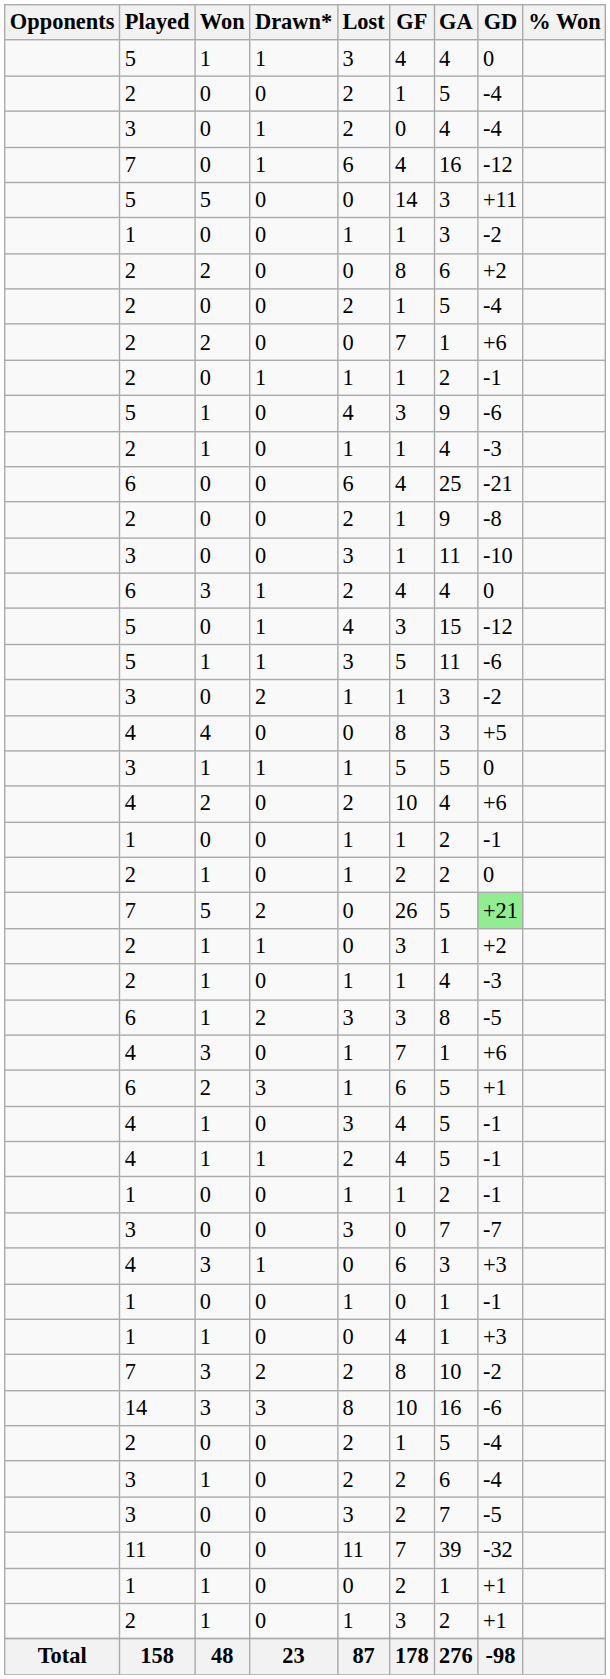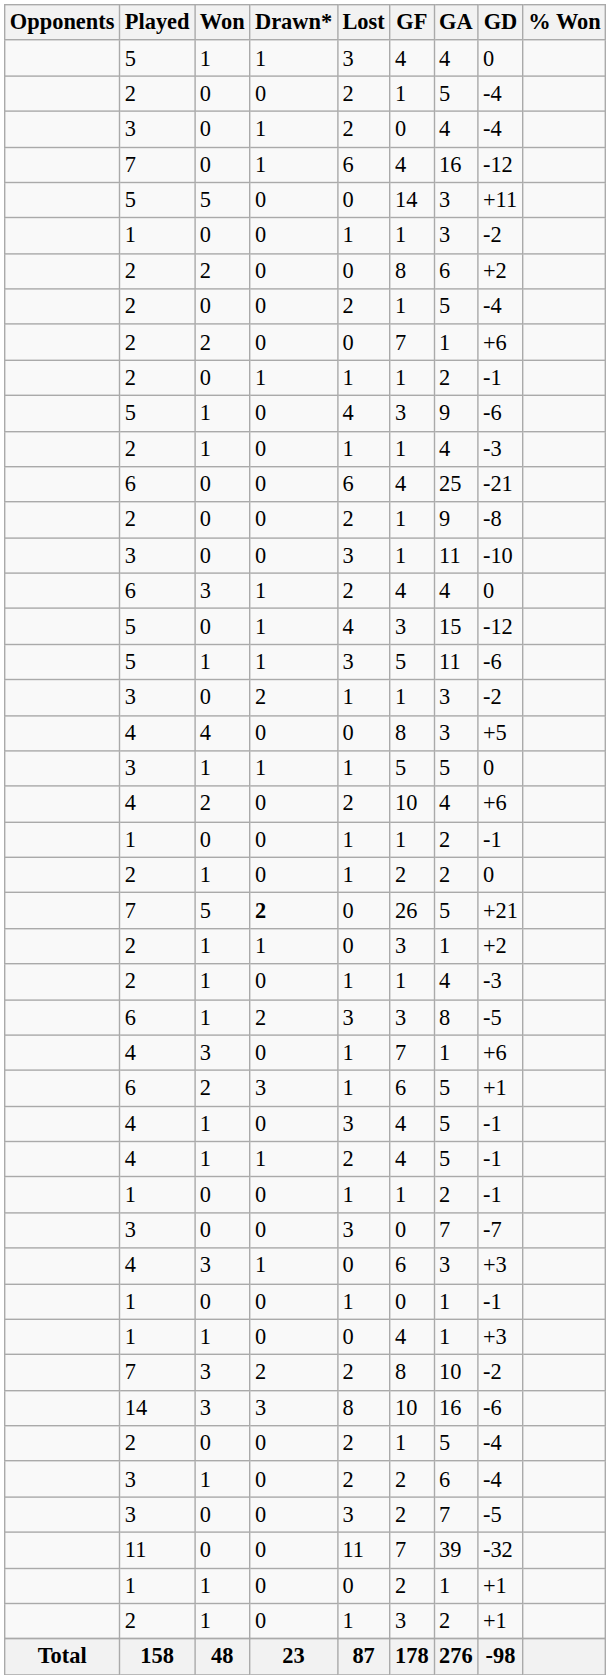 <table class="sortable wikitable">
 <tr>
 <th>Opponents</th>
 <th>Played</th>
 <th>Won</th>
 <th>Drawn*</th>
 <th>Lost</th>
 <th>GF</th>
 <th>GA</th>
 <th>GD</th>
 <th>% Won</th>
 </tr>
 <tr>
 <td style="text-align:left;"></td>
 <td>5</td>
 <td>1</td>
 <td>1</td>
 <td>3</td>
 <td>4</td>
 <td>4</td>
 <td>0</td>
 <td></td>
 </tr>
 <tr>
 <td style="text-align:left;"></td>
 <td>2</td>
 <td>0</td>
 <td>0</td>
 <td>2</td>
 <td>1</td>
 <td>5</td>
 <td>-4</td>
 <td></td>
 </tr>
 <tr>
 <td style="text-align:left;"></td>
 <td>3</td>
 <td>0</td>
 <td>1</td>
 <td>2</td>
 <td>0</td>
 <td>4</td>
 <td>-4</td>
 <td></td>
 </tr>
 <tr>
 <td style="text-align:left;"></td>
 <td>7</td>
 <td>0</td>
 <td>1</td>
 <td>6</td>
 <td>4</td>
 <td>16</td>
 <td>-12</td>
 <td></td>
 </tr>
 <tr>
 <td style="text-align:left;"></td>
 <td>5</td>
 <td>5</td>
 <td>0</td>
 <td>0</td>
 <td>14</td>
 <td>3</td>
 <td>+11</td>
 <td></td>
 </tr>
 <tr>
 <td style="text-align:left;"></td>
 <td>1</td>
 <td>0</td>
 <td>0</td>
 <td>1</td>
 <td>1</td>
 <td>3</td>
 <td>-2</td>
 <td></td>
 </tr>
 <tr>
 <td style="text-align:left;"></td>
 <td>2</td>
 <td>2</td>
 <td>0</td>
 <td>0</td>
 <td>8</td>
 <td>6</td>
 <td>+2</td>
 <td></td>
 </tr>
 <tr>
 <td style="text-align:left;"></td>
 <td>2</td>
 <td>0</td>
 <td>0</td>
 <td>2</td>
 <td>1</td>
 <td>5</td>
 <td>-4</td>
 <td></td>
 </tr>
 <tr>
 <td style="text-align:left;"></td>
 <td>2</td>
 <td>2</td>
 <td>0</td>
 <td>0</td>
 <td>7</td>
 <td>1</td>
 <td>+6</td>
 <td></td>
 </tr>
 <tr>
 <td style="text-align:left;"></td>
 <td>2</td>
 <td>0</td>
 <td>1</td>
 <td>1</td>
 <td>1</td>
 <td>2</td>
 <td>-1</td>
 <td></td>
 </tr>
 <tr>
 <td style="text-align:left;"></td>
 <td>5</td>
 <td>1</td>
 <td>0</td>
 <td>4</td>
 <td>3</td>
 <td>9</td>
 <td>-6</td>
 <td></td>
 </tr>
 <tr>
 <td style="text-align:left;"></td>
 <td>2</td>
 <td>1</td>
 <td>0</td>
 <td>1</td>
 <td>1</td>
 <td>4</td>
 <td>-3</td>
 <td></td>
 </tr>
 <tr>
 <td style="text-align:left;"></td>
 <td>6</td>
 <td>0</td>
 <td>0</td>
 <td>6</td>
 <td>4</td>
 <td>25</td>
 <td>-21</td>
 <td></td>
 </tr>
 <tr>
 <td style="text-align:left;"></td>
 <td>2</td>
 <td>0</td>
 <td>0</td>
 <td>2</td>
 <td>1</td>
 <td>9</td>
 <td>-8</td>
 <td></td>
 </tr>
 <tr>
 <td style="text-align:left;"></td>
 <td>3</td>
 <td>0</td>
 <td>0</td>
 <td>3</td>
 <td>1</td>
 <td>11</td>
 <td>-10</td>
 <td></td>
 </tr>
 <tr>
 <td style="text-align:left;"></td>
 <td>6</td>
 <td>3</td>
 <td>1</td>
 <td>2</td>
 <td>4</td>
 <td>4</td>
 <td>0</td>
 <td></td>
 </tr>
 <tr>
 <td style="text-align:left;"></td>
 <td>5</td>
 <td>0</td>
 <td>1</td>
 <td>4</td>
 <td>3</td>
 <td>15</td>
 <td>-12</td>
 <td></td>
 </tr>
 <tr>
 <td style="text-align:left;"></td>
 <td>5</td>
 <td>1</td>
 <td>1</td>
 <td>3</td>
 <td>5</td>
 <td>11</td>
 <td>-6</td>
 <td></td>
 </tr>
 <tr>
 <td style="text-align:left;"></td>
 <td>3</td>
 <td>0</td>
 <td>2</td>
 <td>1</td>
 <td>1</td>
 <td>3</td>
 <td>-2</td>
 <td></td>
 </tr>
 <tr>
 <td style="text-align:left;"></td>
 <td>4</td>
 <td>4</td>
 <td>0</td>
 <td>0</td>
 <td>8</td>
 <td>3</td>
 <td>+5</td>
 <td></td>
 </tr>
 <tr>
 <td style="text-align:left;"></td>
 <td>3</td>
 <td>1</td>
 <td>1</td>
 <td>1</td>
 <td>5</td>
 <td>5</td>
 <td>0</td>
 <td></td>
 </tr>
 <tr>
 <td style="text-align:left;"></td>
 <td>4</td>
 <td>2</td>
 <td>0</td>
 <td>2</td>
 <td>10</td>
 <td>4</td>
 <td>+6</td>
 <td></td>
 </tr>
 <tr>
 <td style="text-align:left;"></td>
 <td>1</td>
 <td>0</td>
 <td>0</td>
 <td>1</td>
 <td>1</td>
 <td>2</td>
 <td>-1</td>
 <td></td>
 </tr>
 <tr>
 <td style="text-align:left;"></td>
 <td>2</td>
 <td>1</td>
 <td>0</td>
 <td>1</td>
 <td>2</td>
 <td>2</td>
 <td>0</td>
 <td></td>
 </tr>
 <tr>
 <td style="text-align:left;"></td>
 <td>7</td>
 <td>5</td>
-<td>2</td>
+<td><strong>2</strong></td>
 <td>0</td>
 <td>26</td>
 <td>5</td>
-<td style="background: lightgreen;">+21</td>
+<td>+21</td>
 <td></td>
 </tr>
 <tr>
 <td style="text-align:left;"></td>
 <td>2</td>
 <td>1</td>
 <td>1</td>
 <td>0</td>
 <td>3</td>
 <td>1</td>
 <td>+2</td>
 <td></td>
 </tr>
 <tr>
 <td style="text-align:left;"></td>
 <td>2</td>
 <td>1</td>
 <td>0</td>
 <td>1</td>
 <td>1</td>
 <td>4</td>
 <td>-3</td>
 <td></td>
 </tr>
 <tr>
 <td style="text-align:left;"></td>
 <td>6</td>
 <td>1</td>
 <td>2</td>
 <td>3</td>
 <td>3</td>
 <td>8</td>
 <td>-5</td>
 <td></td>
 </tr>
 <tr>
 <td style="text-align:left;"></td>
 <td>4</td>
 <td>3</td>
 <td>0</td>
 <td>1</td>
 <td>7</td>
 <td>1</td>
 <td>+6</td>
 <td></td>
 </tr>
 <tr>
 <td style="text-align:left;"></td>
 <td>6</td>
 <td>2</td>
 <td>3</td>
 <td>1</td>
 <td>6</td>
 <td>5</td>
 <td>+1</td>
 <td></td>
 </tr>
 <tr>
 <td style="text-align:left;"></td>
 <td>4</td>
 <td>1</td>
 <td>0</td>
 <td>3</td>
 <td>4</td>
 <td>5</td>
 <td>-1</td>
 <td></td>
 </tr>
 <tr>
 <td style="text-align:left;"></td>
 <td>4</td>
 <td>1</td>
 <td>1</td>
 <td>2</td>
 <td>4</td>
 <td>5</td>
 <td>-1</td>
 <td></td>
 </tr>
 <tr>
 <td style="text-align:left;"></td>
 <td>1</td>
 <td>0</td>
 <td>0</td>
 <td>1</td>
 <td>1</td>
 <td>2</td>
 <td>-1</td>
 <td></td>
 </tr>
 <tr>
 <td style="text-align:left;"></td>
 <td>3</td>
 <td>0</td>
 <td>0</td>
 <td>3</td>
 <td>0</td>
 <td>7</td>
 <td>-7</td>
 <td></td>
 </tr>
 <tr>
 <td style="text-align:left;"></td>
 <td>4</td>
 <td>3</td>
 <td>1</td>
 <td>0</td>
 <td>6</td>
 <td>3</td>
 <td>+3</td>
 <td></td>
 </tr>
 <tr>
 <td style="text-align:left;"></td>
 <td>1</td>
 <td>0</td>
 <td>0</td>
 <td>1</td>
 <td>0</td>
 <td>1</td>
 <td>-1</td>
 <td></td>
 </tr>
 <tr>
 <td style="text-align:left;"></td>
 <td>1</td>
 <td>1</td>
 <td>0</td>
 <td>0</td>
 <td>4</td>
 <td>1</td>
 <td>+3</td>
 <td></td>
 </tr>
 <tr>
 <td style="text-align:left;"></td>
 <td>7</td>
 <td>3</td>
 <td>2</td>
 <td>2</td>
 <td>8</td>
 <td>10</td>
 <td>-2</td>
 <td></td>
 </tr>
 <tr>
 <td style="text-align:left;"></td>
 <td>14</td>
 <td>3</td>
 <td>3</td>
 <td>8</td>
 <td>10</td>
 <td>16</td>
 <td>-6</td>
 <td></td>
 </tr>
 <tr>
 <td style="text-align:left;"></td>
 <td>2</td>
 <td>0</td>
 <td>0</td>
 <td>2</td>
 <td>1</td>
 <td>5</td>
 <td>-4</td>
 <td></td>
 </tr>
 <tr>
 <td style="text-align:left;"></td>
 <td>3</td>
 <td>1</td>
 <td>0</td>
 <td>2</td>
 <td>2</td>
 <td>6</td>
 <td>-4</td>
 <td></td>
 </tr>
 <tr>
 <td style="text-align:left;"></td>
 <td>3</td>
 <td>0</td>
 <td>0</td>
 <td>3</td>
 <td>2</td>
 <td>7</td>
 <td>-5</td>
 <td></td>
 </tr>
 <tr>
 <td style="text-align:left;"></td>
 <td>11</td>
 <td>0</td>
 <td>0</td>
 <td>11</td>
 <td>7</td>
 <td>39</td>
 <td>-32</td>
 <td></td>
 </tr>
 <tr>
 <td style="text-align:left;"></td>
 <td>1</td>
 <td>1</td>
 <td>0</td>
 <td>0</td>
 <td>2</td>
 <td>1</td>
 <td>+1</td>
 <td></td>
 </tr>
 <tr>
 <td style="text-align:left;"></td>
 <td>2</td>
 <td>1</td>
 <td>0</td>
 <td>1</td>
 <td>3</td>
 <td>2</td>
 <td>+1</td>
 <td></td>
 </tr>
 <tr>
 </tr>
 <tr class="sortbottom">
 <th>Total</th>
 <th>158</th>
 <th>48</th>
 <th>23</th>
 <th>87</th>
 <th>178</th>
 <th>276</th>
 <th>-98</th>
 <th></th>
 </tr>
 </table>
